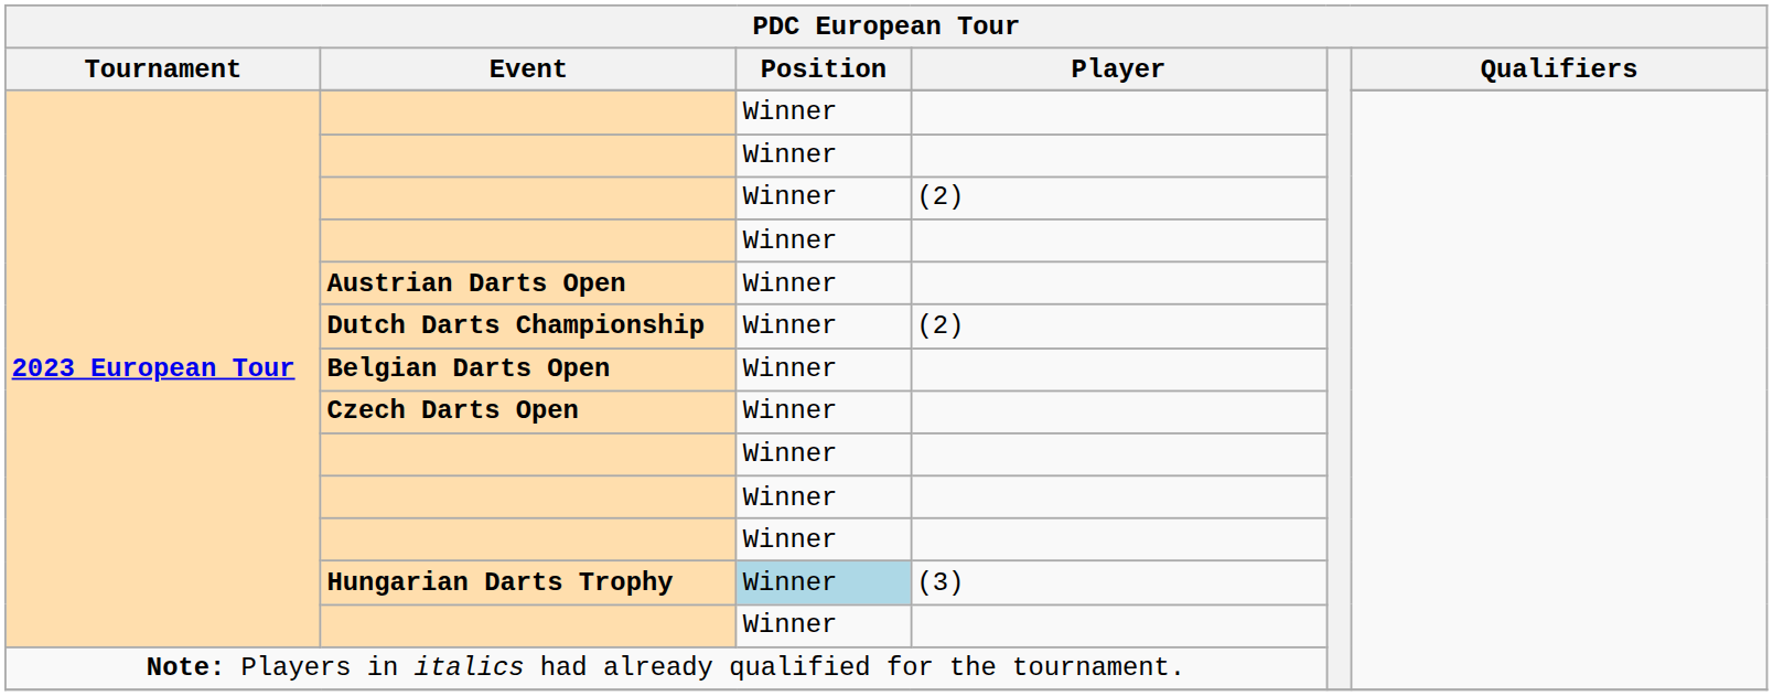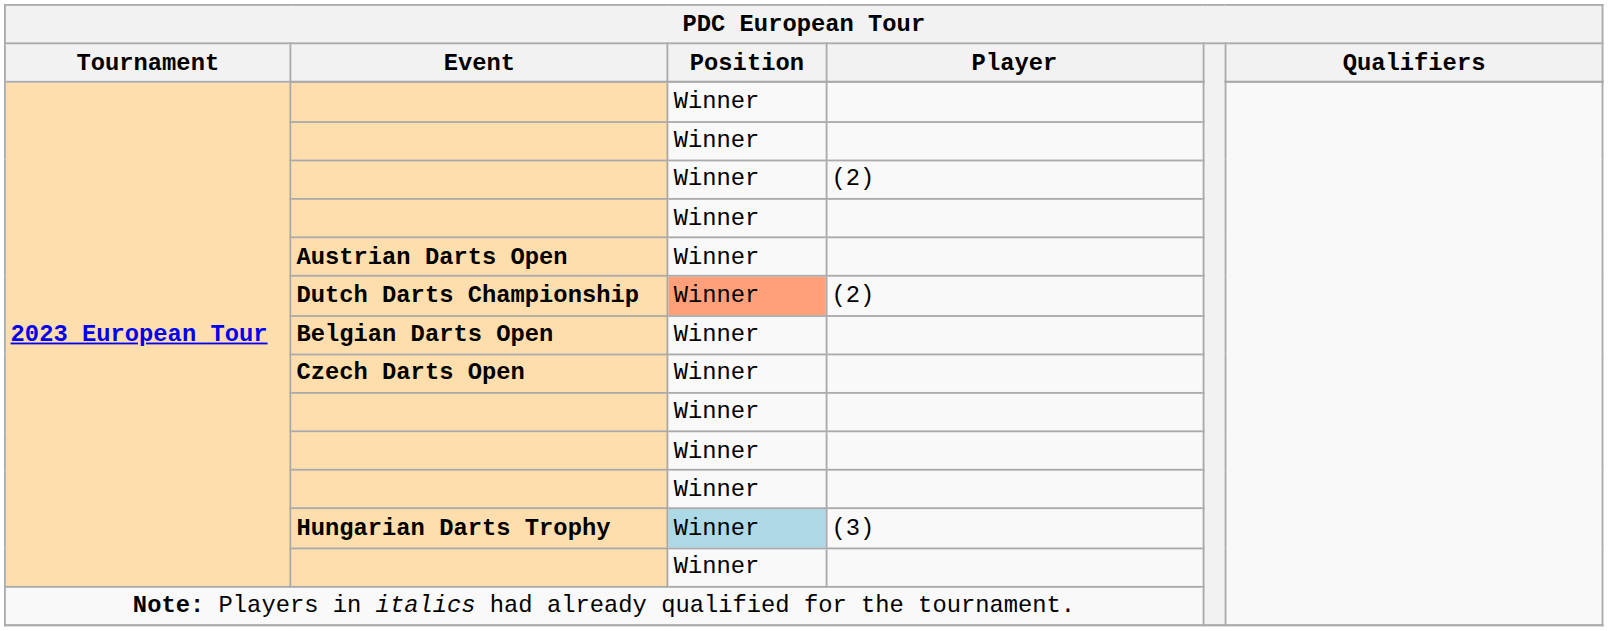 <table class="wikitable">
 <tr>
 <th colspan=6>PDC European Tour</th>
 </tr>
 <tr>
 <th width=150>Tournament</th>
 <th width=200>Event</th>
 <th width=80>Position</th>
 <th width=200>Player</th>
 <th rowspan=16 width=6></th>
 <th width=200>Qualifiers</th>
 </tr>
 <tr>
 <td rowspan=14 style="background:#ffdead;"><strong><a href='#'>2023 European Tour</a></strong></td>
 </tr>
 <tr>
 <td style="background:#ffdead;"></td>
 <td>Winner</td>
 <td></td>
 <td rowspan=14><strong></strong><br><strong></strong><br><strong></strong></td>
 </tr>
 <tr>
 <td style="background:#ffdead;"></td>
 <td>Winner</td>
 <td><em></em></td>
 </tr>
 <tr>
 <td style="background:#ffdead;"></td>
 <td>Winner</td>
 <td><em></em> (2)</td>
 </tr>
 <tr>
 <td style="background:#ffdead;"></td>
 <td>Winner</td>
 <td><em></em></td>
 </tr>
 <tr>
 <td style="background:#ffdead;"><strong>Austrian Darts Open</strong></td>
 <td>Winner</td>
 <td><em></em></td>
 </tr>
 <tr>
 <td style="background:#ffdead;"><strong>Dutch Darts Championship</strong></td>
-<td>Winner</td>
+<td style="background: lightsalmon;">Winner</td>
 <td><em></em>(2)</td>
 </tr>
 <tr>
 <td style="background:#ffdead;"><strong>Belgian Darts Open</strong></td>
 <td>Winner</td>
 <td><em></em></td>
 </tr>
 <tr>
 <td style="background:#ffdead;"><strong>Czech Darts Open</strong></td>
 <td>Winner</td>
 <td><em></em></td>
 </tr>
 <tr>
 <td style="background:#ffdead;"></td>
 <td>Winner</td>
 <td><em></em></td>
 </tr>
 <tr>
 <td style="background:#ffdead;"></td>
 <td>Winner</td>
 <td><em></em></td>
 </tr>
 <tr>
 <td style="background:#ffdead;"></td>
 <td>Winner</td>
 <td></td>
 </tr>
 <tr>
 <td style="background:#ffdead;"><strong>Hungarian Darts Trophy</strong></td>
 <td style="background: lightblue;">Winner</td>
 <td><em></em>(3)</td>
 </tr>
 <tr>
 <td style="background:#ffdead;"></td>
 <td>Winner</td>
 <td></td>
 </tr>
 <tr>
 <td colspan=4 style="text-align:center"><strong>Note:</strong> Players in <em>italics</em> had already qualified for the tournament.</td>
 </tr>
 <tr>
 </tr>
 </table>
